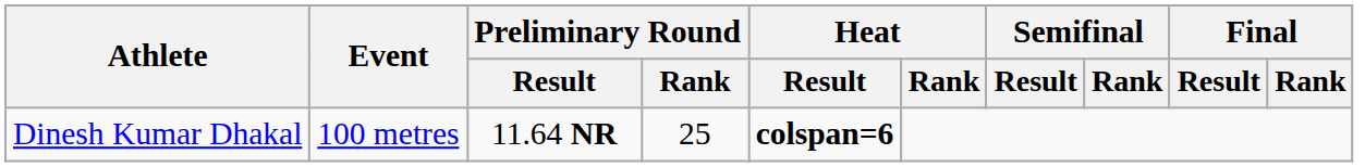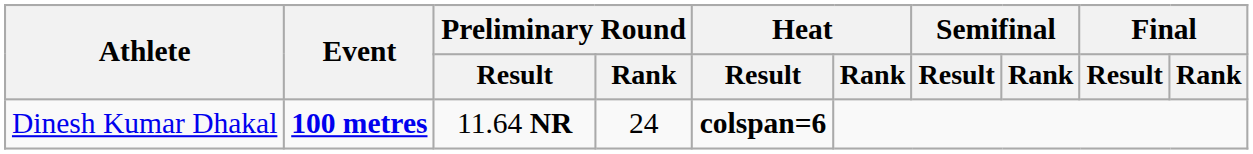 <table class="wikitable" style="font-size:90%">
 <tr>
 <th rowspan="2">Athlete</th>
 <th rowspan="2">Event</th>
 <th colspan="2">Preliminary Round</th>
 <th colspan="2">Heat</th>
 <th colspan="2">Semifinal</th>
 <th colspan="2">Final</th>
 </tr>
 <tr style="font-size:95%">
 <th>Result</th>
 <th>Rank</th>
 <th>Result</th>
 <th>Rank</th>
 <th>Result</th>
 <th>Rank</th>
 <th>Result</th>
 <th>Rank</th>
 </tr>
 <tr style=text-align:center>
 <td style=text-align:left><a href='#'>Dinesh Kumar Dhakal</a></td>
-<td style=text-align:left><a href='#'>100 metres</a></td>
+<td style=text-align:left><strong><a href='#'>100 metres</a></strong></td>
 <td>11.64 <strong>NR</strong></td>
-<td>25</td>
+<td>24</td>
 <td><strong>colspan=6 </strong></td>
 </tr>
 </table>
